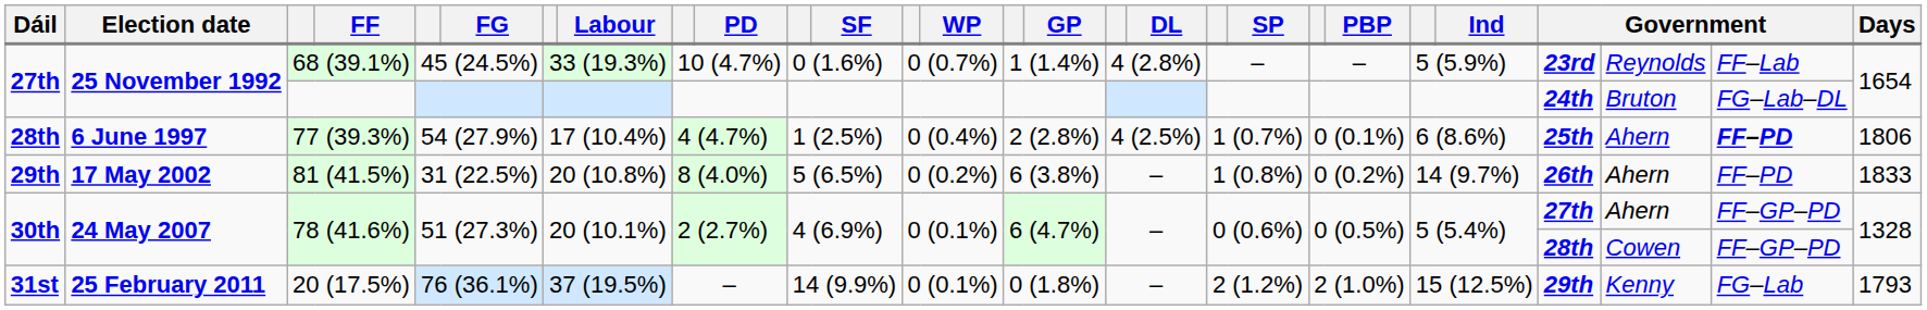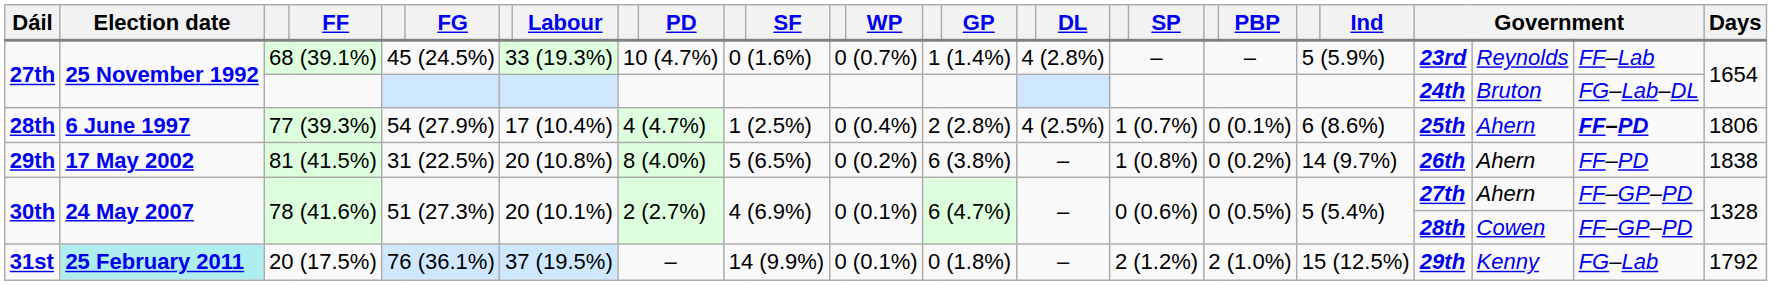 <table class="wikitable" style="font-size:95%;"style="font-size:95%;">
 <tr style="text-align: center; background: #efefefefefef; border-bottom: 2px solid gray;">
 <th>Dáil</th>
 <th>Election date</th>
 <th style="background-color: "></th>
 <th><a href='#'>FF</a></th>
 <th style="background-color: "></th>
 <th><a href='#'>FG</a></th>
 <th style="background-color: "></th>
 <th><a href='#'>Labour</a></th>
 <th style="background-color: "></th>
 <th><a href='#'>PD</a></th>
 <th style="background-color: "></th>
 <th><a href='#'>SF</a></th>
 <th style="background-color: "></th>
 <th><a href='#'>WP</a></th>
 <th style="background-color: "></th>
 <th><a href='#'>GP</a></th>
 <th style="background-color: "></th>
 <th><a href='#'>DL</a></th>
 <th style="background-color: "></th>
 <th><a href='#'>SP</a></th>
 <th style="background-color: "></th>
 <th><a href='#'>PBP</a></th>
 <th style="background-color: "></th>
 <th><a href='#'>Ind</a></th>
 <th colspan="3">Government</th>
 <th>Days</th>
 </tr>
 <tr style="line-height:16px;">
 <td rowspan=2><strong><a href='#'>27th</a></strong></td>
 <td rowspan=2><strong><a href='#'>25 November 1992</a></strong></td>
 <td colspan=2 style="background-color: #DEFFDE">68 (39.1%)</td>
 <td colspan=2>45 (24.5%)</td>
 <td colspan=2 style="background-color: #DEFFDE">33 (19.3%)</td>
 <td colspan=2>10 (4.7%)</td>
 <td colspan=2>0 (1.6%)</td>
 <td colspan=2>0 (0.7%)</td>
 <td colspan=2>1 (1.4%)</td>
 <td colspan=2>4 (2.8%)</td>
 <td colspan=2 align=center>–</td>
 <td colspan=2 align=center>–</td>
 <td colspan=2>5 (5.9%)</td>
 <td><a href='#'><strong><em>23rd</em></strong></a></td>
 <td><em><a href='#'>Reynolds</a></em></td>
 <td><em><a href='#'>FF</a>–<a href='#'>Lab</a></em></td>
 <td rowspan=2>1654</td>
 </tr>
 <tr style="line-height:16px;">
 <td colspan=2></td>
 <td colspan=2 style="background-color: #D0E8FF"></td>
 <td colspan=2 style="background-color: #D0E8FF"></td>
 <td colspan=2></td>
 <td colspan=2 align=center></td>
 <td colspan=2 align=center></td>
 <td colspan=2></td>
 <td colspan=2 style="background-color: #D0E8FF"></td>
 <td colspan=2 align=center></td>
 <td colspan=2 align=center></td>
 <td colspan=2></td>
 <td><a href='#'><strong><em>24th</em></strong></a></td>
 <td><em><a href='#'>Bruton</a></em></td>
 <td><em><a href='#'>FG</a>–<a href='#'>Lab</a>–<a href='#'>DL</a></em></td>
 </tr>
 <tr>
 <td><strong><a href='#'>28th</a></strong></td>
 <td><strong><a href='#'>6 June 1997</a></strong></td>
 <td colspan=2 style="background-color: #DEFFDE">77 (39.3%)</td>
 <td colspan=2>54 (27.9%)</td>
 <td colspan=2>17 (10.4%)</td>
 <td colspan=2 style="background-color: #DEFFDE">4 (4.7%)</td>
 <td colspan=2>1 (2.5%)</td>
 <td colspan=2>0 (0.4%)</td>
 <td colspan=2>2 (2.8%)</td>
 <td colspan=2>4 (2.5%)</td>
 <td colspan=2>1 (0.7%)</td>
 <td colspan=2>0 (0.1%)</td>
 <td colspan=2>6 (8.6%)</td>
 <td><a href='#'><strong><em>25th</em></strong></a></td>
 <td><em><a href='#'>Ahern</a></em></td>
 <td><strong><em><a href='#'>FF</a>–<a href='#'>PD</a></em></strong></td>
 <td>1806</td>
 </tr>
 <tr>
 <td><strong><a href='#'>29th</a></strong></td>
 <td><strong><a href='#'>17 May 2002</a></strong></td>
 <td colspan=2 style="background-color: #DEFFDE">81 (41.5%)</td>
 <td colspan=2>31 (22.5%)</td>
 <td colspan=2>20 (10.8%)</td>
 <td colspan=2 style="background-color: #DEFFDE">8 (4.0%)</td>
 <td colspan=2>5 (6.5%)</td>
 <td colspan=2>0 (0.2%)</td>
 <td colspan=2>6 (3.8%)</td>
 <td colspan=2 align=center>–</td>
 <td colspan=2>1 (0.8%)</td>
 <td colspan=2>0 (0.2%)</td>
 <td colspan=2>14 (9.7%)</td>
 <td><a href='#'><strong><em>26th</em></strong></a></td>
 <td><em>Ahern</em></td>
 <td><em><a href='#'>FF</a>–<a href='#'>PD</a></em></td>
-<td>1833</td>
+<td>1838</td>
 </tr>
 <tr style="line-height:16px;">
 <td rowspan=2><strong><a href='#'>30th</a></strong></td>
 <td rowspan=2><strong><a href='#'>24 May 2007</a></strong></td>
 <td rowspan=2 colspan=2 style="background-color: #DEFFDE">78 (41.6%)</td>
 <td rowspan=2 colspan=2>51 (27.3%)</td>
 <td rowspan=2 colspan=2>20 (10.1%)</td>
 <td rowspan=2 colspan=2 style="background-color: #DEFFDE">2 (2.7%)</td>
 <td rowspan=2 colspan=2>4 (6.9%)</td>
 <td rowspan=2 colspan=2>0 (0.1%)</td>
 <td rowspan=2 colspan=2 style="background-color: #DEFFDE">6 (4.7%)</td>
 <td rowspan=2 colspan=2 align=center>–</td>
 <td rowspan=2 colspan=2>0 (0.6%)</td>
 <td rowspan=2 colspan=2>0 (0.5%)</td>
 <td rowspan=2 colspan=2>5 (5.4%)</td>
 <td><a href='#'><strong><em>27th</em></strong></a></td>
 <td><em>Ahern</em></td>
 <td><em><a href='#'>FF</a>–<a href='#'>GP</a>–<a href='#'>PD</a></em></td>
 <td rowspan=2>1328</td>
 </tr>
 <tr style="line-height:16px;">
 <td><a href='#'><strong><em>28th</em></strong></a></td>
 <td><em><a href='#'>Cowen</a></em></td>
 <td><em><a href='#'>FF</a>–<a href='#'>GP</a>–<a href='#'>PD</a></em></td>
 </tr>
 <tr>
 <td><strong><a href='#'>31st</a></strong></td>
-<td><strong><a href='#'>25 February 2011</a></strong></td>
+<td style="background: paleturquoise;"><strong><a href='#'>25 February 2011</a></strong></td>
 <td colspan=2>20 (17.5%)</td>
 <td colspan=2 style="background-color: #D0E8FF">76 (36.1%)</td>
 <td colspan=2 style="background-color: #D0E8FF">37 (19.5%)</td>
 <td colspan=2 align=center>–</td>
 <td colspan=2>14 (9.9%)</td>
 <td colspan=2>0 (0.1%)</td>
 <td colspan=2>0 (1.8%)</td>
 <td colspan=2 align=center>–</td>
 <td colspan=2>2 (1.2%)</td>
 <td colspan=2>2 (1.0%)</td>
 <td colspan=2>15 (12.5%)</td>
 <td><a href='#'><strong><em>29th</em></strong></a></td>
 <td><em><a href='#'>Kenny</a></em></td>
 <td><em><a href='#'>FG</a>–<a href='#'>Lab</a></em></td>
-<td>1793</td>
+<td>1792</td>
 </tr>
 </table>
